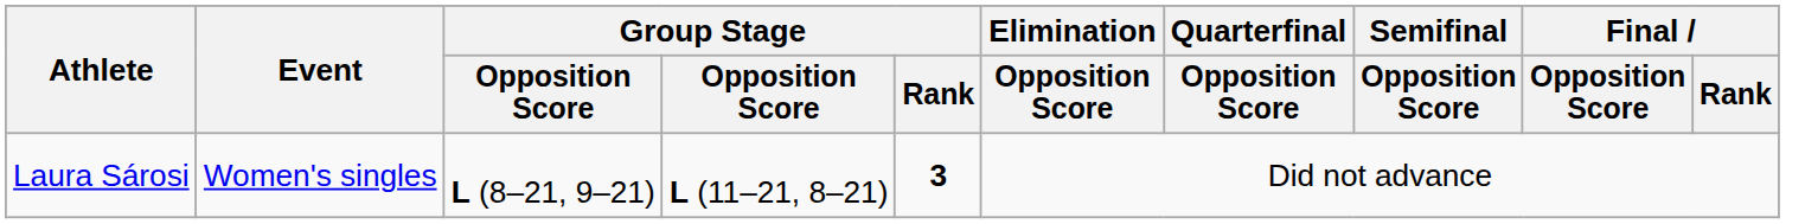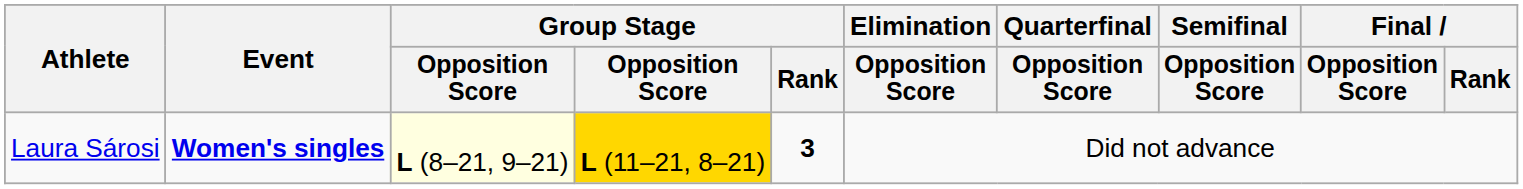 <table class="wikitable" style="font-size:90%">
 <tr>
 <th rowspan=2>Athlete</th>
 <th rowspan=2>Event</th>
 <th colspan=3>Group Stage</th>
 <th>Elimination</th>
 <th>Quarterfinal</th>
 <th>Semifinal</th>
 <th colspan=2>Final / </th>
 </tr>
 <tr style="font-size:95%">
 <th>Opposition<br>Score</th>
 <th>Opposition<br>Score</th>
 <th>Rank</th>
 <th>Opposition<br>Score</th>
 <th>Opposition<br>Score</th>
 <th>Opposition<br>Score</th>
 <th>Opposition<br>Score</th>
 <th>Rank</th>
 </tr>
 <tr align=center>
 <td align=left><a href='#'>Laura Sárosi</a></td>
-<td align=left><a href='#'>Women's singles</a></td>
-<td><br><strong>L</strong> (8–21, 9–21)</td>
-<td><br><strong>L</strong> (11–21, 8–21)</td>
+<td align=left><strong><a href='#'>Women's singles</a></strong></td>
+<td style="background: lightyellow;"><br><strong>L</strong> (8–21, 9–21)</td>
+<td style="background: gold;"><br><strong>L</strong> (11–21, 8–21)</td>
 <td><strong>3</strong></td>
 <td colspan=5>Did not advance</td>
 </tr>
 </table>
